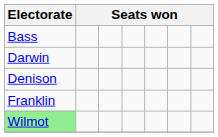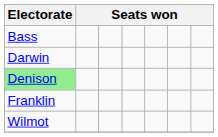 <table class="wikitable">
 <tr>
 <th>Electorate</th>
 <th colspan=7>Seats won</th>
 </tr>
 <tr>
 <td><a href='#'>Bass</a></td>
 <td width=20 > </td>
 <td width=20 > </td>
 <td width=20 > </td>
 <td width=20 > </td>
 <td width=20 > </td>
 <td width=20 > </td>
 </tr>
 <tr>
 <td><a href='#'>Darwin</a></td>
 <td> </td>
 <td> </td>
 <td> </td>
 <td> </td>
 <td> </td>
 <td> </td>
 </tr>
 <tr>
-<td><a href='#'>Denison</a></td>
+<td style="background: lightgreen;"><a href='#'>Denison</a></td>
 <td width=20 > </td>
 <td width=20 > </td>
 <td width=20 > </td>
 <td width=20 > </td>
 <td width=20 > </td>
 <td width=20 > </td>
 </tr>
 <tr>
 <td><a href='#'>Franklin</a></td>
 <td> </td>
 <td> </td>
 <td> </td>
 <td> </td>
 <td> </td>
 <td> </td>
 </tr>
 <tr>
-<td style="background: lightgreen;"><a href='#'>Wilmot</a></td>
+<td><a href='#'>Wilmot</a></td>
 <td width=20 > </td>
 <td width=20 > </td>
 <td width=20 > </td>
 <td width=20 > </td>
 <td width=20 > </td>
 <td width=20 > </td>
 </tr>
 <tr>
 </tr>
 </table>
